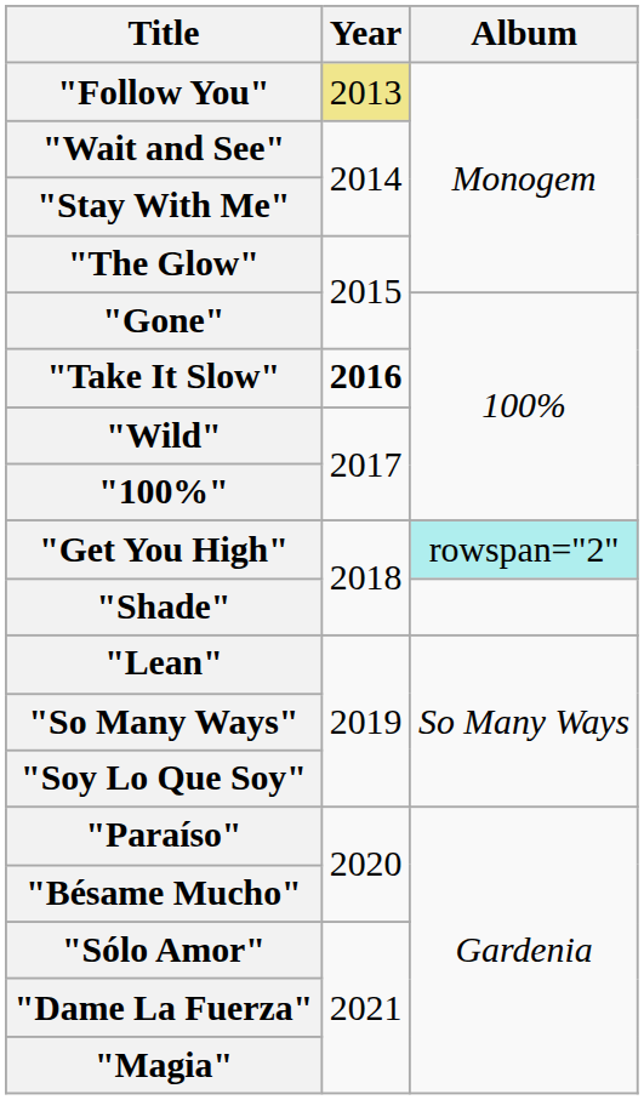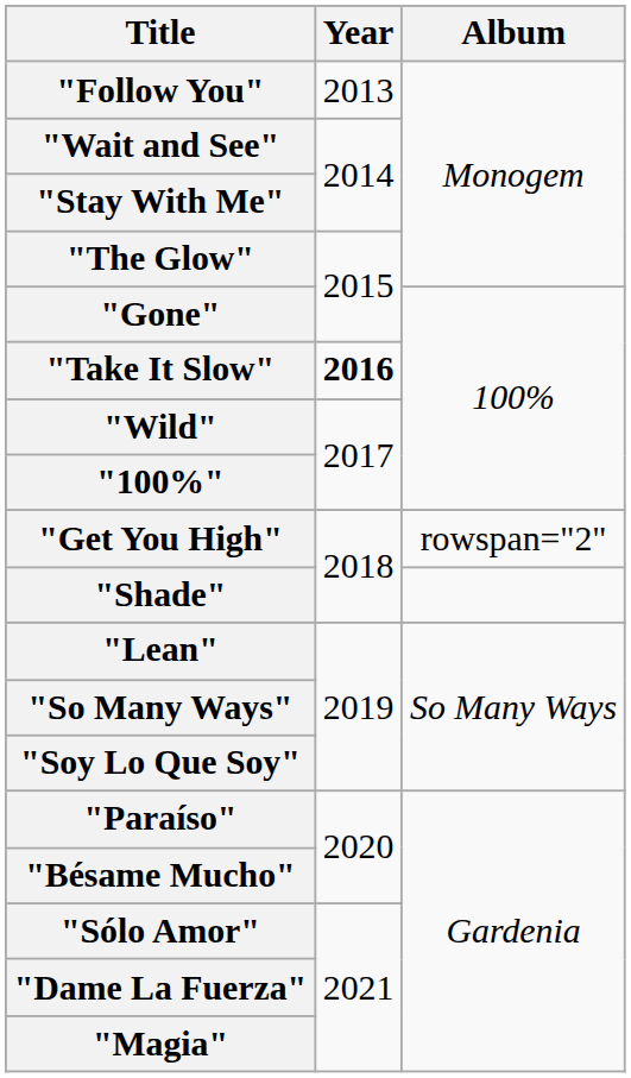 <table class="wikitable plainrowheaders" style="text-align:center;">
 <tr>
 <th class="unsortable" scope="col">Title</th>
 <th class="unsortable" scope="col">Year</th>
 <th class="unsortable" scope="col">Album</th>
 </tr>
 <tr>
 <th scope="row">"Follow You"</th>
-<td style="background: khaki;">2013</td>
+<td>2013</td>
 <td rowspan="4"><em>Monogem</em></td>
 </tr>
 <tr>
 <th scope="row">"Wait and See"</th>
 <td rowspan="2">2014</td>
 </tr>
 <tr>
 <th scope="row">"Stay With Me"</th>
 </tr>
 <tr>
 <th scope="row">"The Glow"</th>
 <td rowspan="2">2015</td>
 </tr>
 <tr>
 <th scope="row">"Gone"</th>
 <td rowspan="4"><em>100%</em></td>
 </tr>
 <tr>
 <th scope="row">"Take It Slow"</th>
 <td><strong>2016</strong></td>
 </tr>
 <tr>
 <th scope="row">"Wild"</th>
 <td rowspan="2">2017</td>
 </tr>
 <tr>
 <th scope="row">"100%"</th>
 </tr>
 <tr>
 <th scope="row">"Get You High"</th>
 <td rowspan="2">2018</td>
-<td style="background: paleturquoise;">rowspan="2" </td>
+<td>rowspan="2" </td>
 </tr>
 <tr>
 <th scope="row">"Shade"</th>
 </tr>
 <tr>
 <th scope="row">"Lean"</th>
 <td rowspan="3">2019</td>
 <td rowspan="3"><em>So Many Ways</em></td>
 </tr>
 <tr>
 <th scope="row">"So Many Ways"</th>
 </tr>
 <tr>
 <th scope="row">"Soy Lo Que Soy"</th>
 </tr>
 <tr>
 <th scope="row">"Paraíso"</th>
 <td rowspan="2">2020</td>
 <td rowspan="5"><em>Gardenia</em></td>
 </tr>
 <tr>
 <th scope="row">"Bésame Mucho"</th>
 </tr>
 <tr>
 <th scope="row">"Sólo Amor"</th>
 <td rowspan="3">2021</td>
 </tr>
 <tr>
 <th scope="row">"Dame La Fuerza"</th>
 </tr>
 <tr>
 <th scope="row">"Magia"</th>
 </tr>
 </table>
